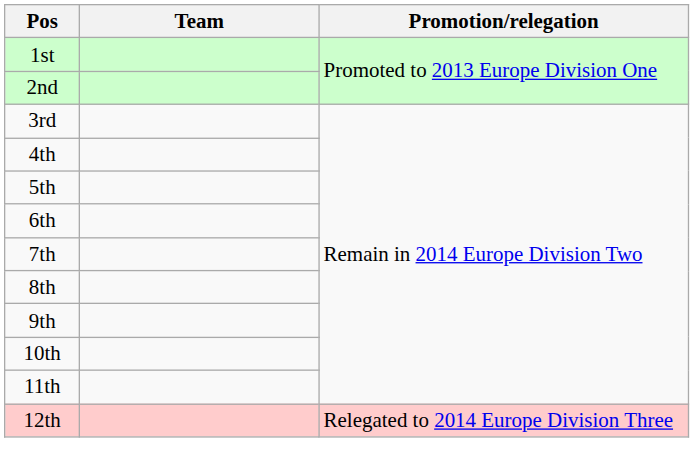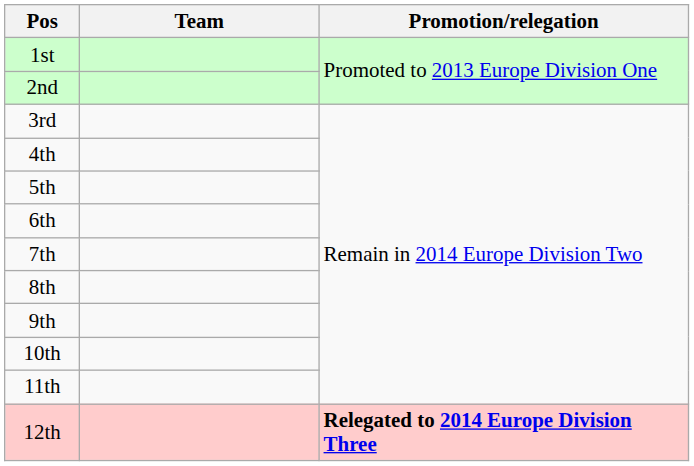 <table class="wikitable">
 <tr>
 <th width=50>Pos</th>
 <th width=175>Team</th>
 <th width=275>Promotion/relegation</th>
 </tr>
 <tr style="background:#cfc;">
 <td style="text-align:center;">1st</td>
 <td></td>
 <td rowspan=2>Promoted to <a href='#'>2013 Europe Division One</a></td>
 </tr>
 <tr style="background:#cfc;">
 <td style="text-align:center;">2nd</td>
 <td></td>
 </tr>
 <tr>
 <td style="text-align:center;">3rd</td>
 <td></td>
 <td rowspan=9>Remain in <a href='#'>2014 Europe Division Two</a></td>
 </tr>
 <tr>
 <td style="text-align:center;">4th</td>
 <td></td>
 </tr>
 <tr>
 <td style="text-align:center;">5th</td>
 <td></td>
 </tr>
 <tr>
 <td style="text-align:center;">6th</td>
 <td></td>
 </tr>
 <tr>
 <td style="text-align:center;">7th</td>
 <td></td>
 </tr>
 <tr>
 <td style="text-align:center;">8th</td>
 <td></td>
 </tr>
 <tr>
 <td style="text-align:center;">9th</td>
 <td></td>
 </tr>
 <tr>
 <td style="text-align:center;">10th</td>
 <td></td>
 </tr>
 <tr>
 <td style="text-align:center;">11th</td>
 <td></td>
 </tr>
 <tr style="background:#fcc">
 <td style="text-align:center;">12th</td>
 <td></td>
-<td>Relegated to <a href='#'>2014 Europe Division Three</a></td>
+<td><strong>Relegated to <a href='#'>2014 Europe Division Three</a></strong></td>
 </tr>
 </table>
